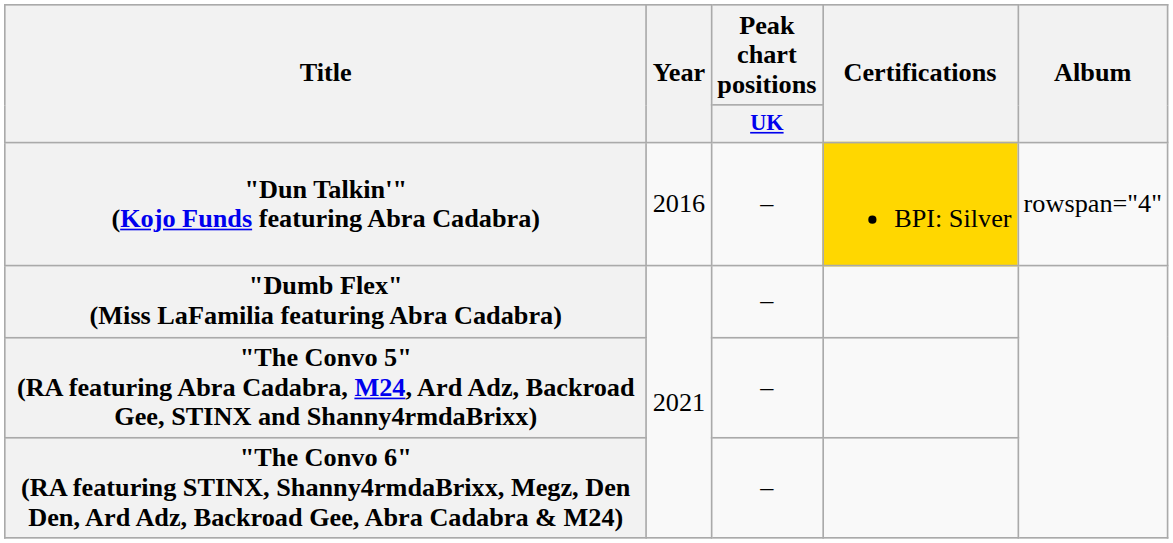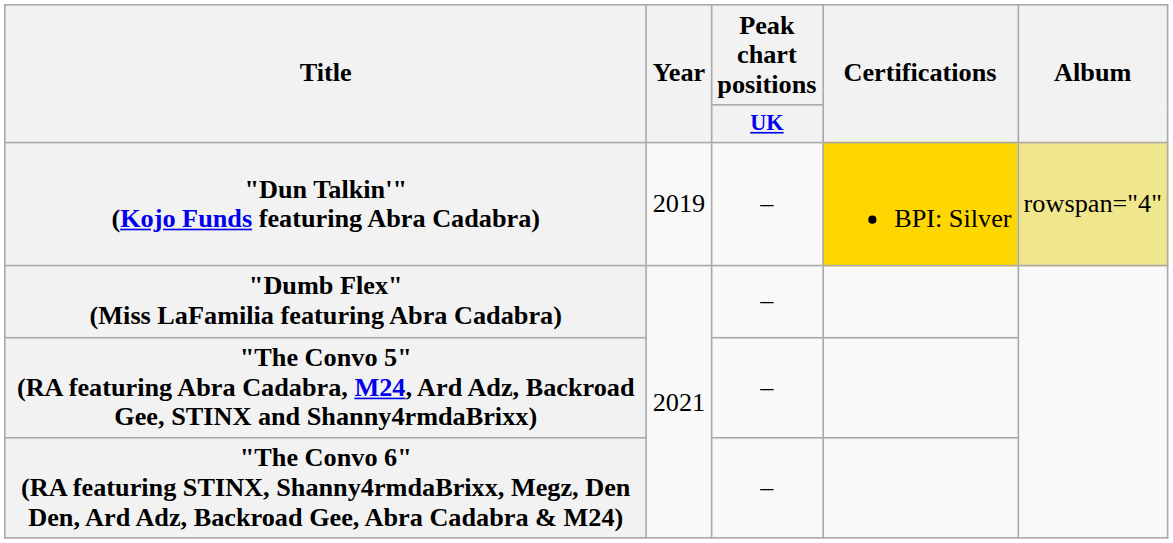 <table class="wikitable plainrowheaders" style="text-align:center;">
 <tr>
 <th scope="col" rowspan="2" style="width:24em;">Title</th>
 <th scope="col" rowspan="2" style="width:1em;">Year</th>
 <th scope="col" colspan="1">Peak chart positions</th>
 <th scope="col" rowspan="2">Certifications</th>
 <th scope="col" rowspan="2">Album</th>
 </tr>
 <tr>
 <th scope="col" style="width:3em;font-size:85%;"><a href='#'>UK</a><br></th>
 </tr>
 <tr>
 <th scope="row">"Dun Talkin'"<br><span>(<a href='#'>Kojo Funds</a> featuring Abra Cadabra)</span></th>
-<td>2016</td>
+<td>2019</td>
 <td>–</td>
 <td style="background: gold;"><br><ul><li>BPI: Silver</li></ul></td>
-<td>rowspan="4" </td>
+<td style="background: khaki;">rowspan="4" </td>
 </tr>
 <tr>
 <th scope="row">"Dumb Flex"<br><span>(Miss LaFamilia featuring Abra Cadabra)</span></th>
 <td rowspan="3">2021</td>
 <td>–</td>
 <td></td>
 </tr>
 <tr>
 <th scope="row">"The Convo 5"<br><span>(RA featuring Abra Cadabra, <a href='#'>M24</a>, Ard Adz, Backroad Gee, STINX and Shanny4rmdaBrixx)</span></th>
 <td>–</td>
 <td></td>
 </tr>
 <tr>
 <th scope="row">"The Convo 6"<br><span>(RA featuring STINX, Shanny4rmdaBrixx, Megz, Den Den, Ard Adz, Backroad Gee, Abra Cadabra & M24)</span></th>
 <td>–</td>
 <td></td>
 </tr>
 </table>
